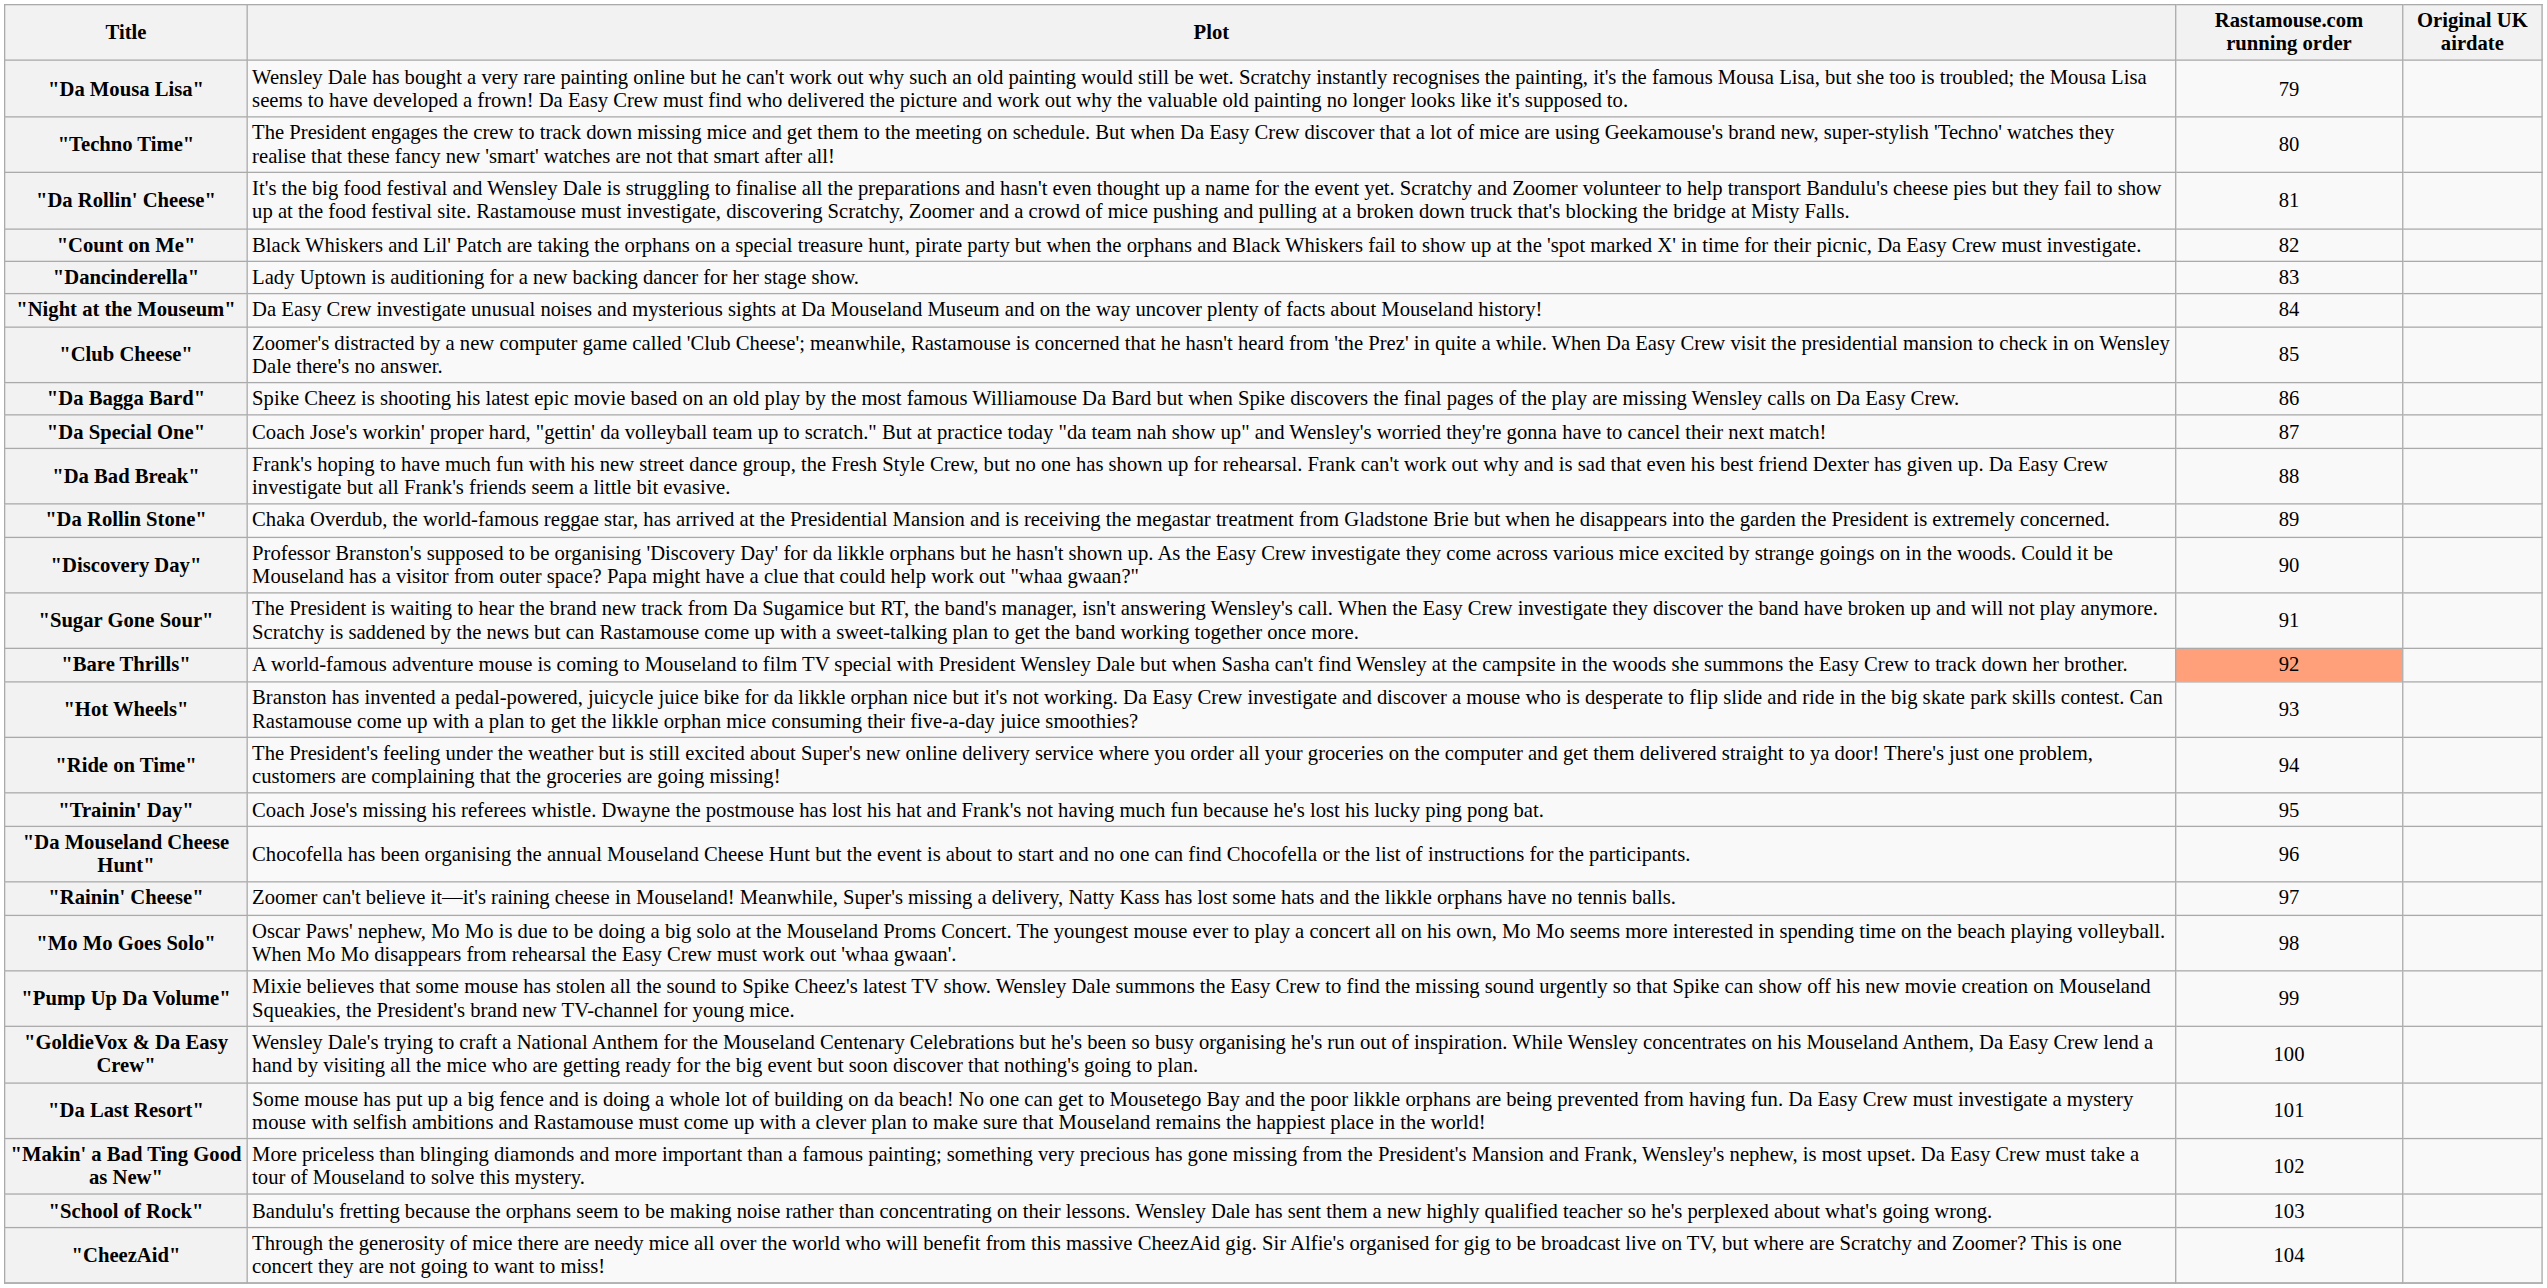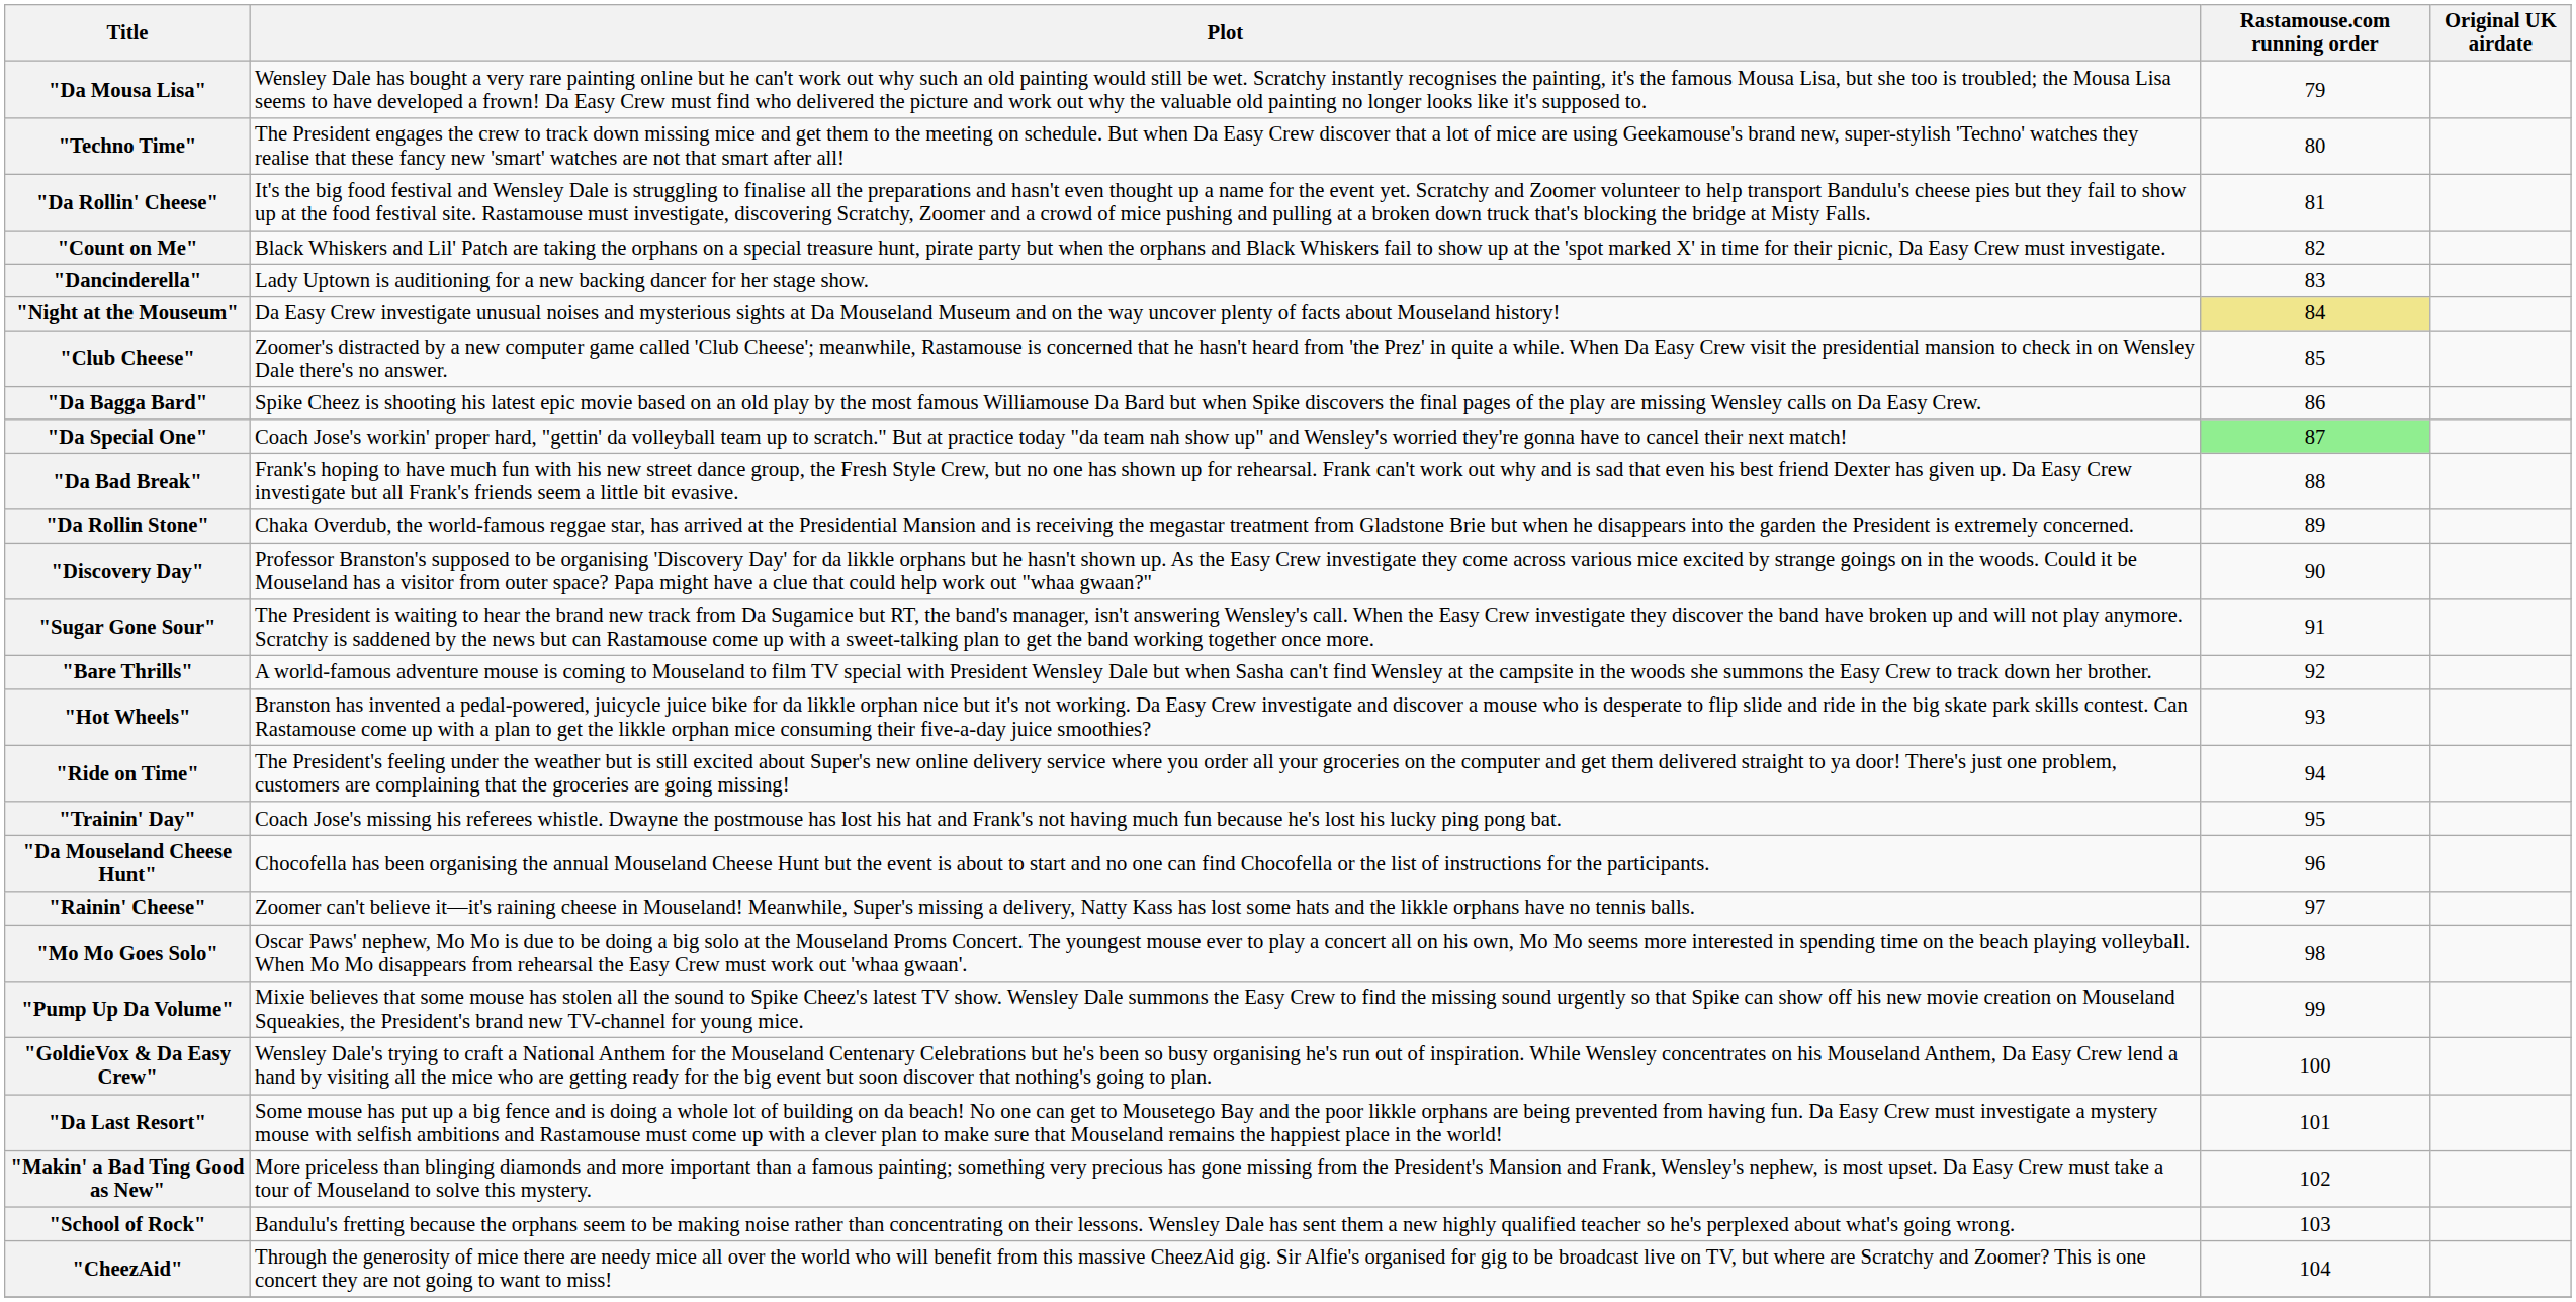 <table class="wikitable sortable">
 <tr>
 <th>Title</th>
 <th>Plot</th>
 <th>Rastamouse.com running order</th>
 <th>Original UK airdate</th>
 </tr>
 <tr>
 <th align="center">"Da Mousa Lisa"</th>
 <td>Wensley Dale has bought a very rare painting online but he can't work out why such an old painting would still be wet. Scratchy instantly recognises the painting, it's the famous Mousa Lisa, but she too is troubled; the Mousa Lisa seems to have developed a frown! Da Easy Crew must find who delivered the picture and work out why the valuable old painting no longer looks like it's supposed to.</td>
 <td align=center>79</td>
 <td></td>
 </tr>
 <tr>
 <th align="center">"Techno Time"</th>
 <td>The President engages the crew to track down missing mice and get them to the meeting on schedule. But when Da Easy Crew discover that a lot of mice are using Geekamouse's brand new, super-stylish 'Techno' watches they realise that these fancy new 'smart' watches are not that smart after all!</td>
 <td align=center>80</td>
 <td></td>
 </tr>
 <tr>
 <th align="center">"Da Rollin' Cheese"</th>
 <td>It's the big food festival and Wensley Dale is struggling to finalise all the preparations and hasn't even thought up a name for the event yet. Scratchy and Zoomer volunteer to help transport Bandulu's cheese pies but they fail to show up at the food festival site. Rastamouse must investigate, discovering Scratchy, Zoomer and a crowd of mice pushing and pulling at a broken down truck that's blocking the bridge at Misty Falls.</td>
 <td align=center>81</td>
 <td></td>
 </tr>
 <tr>
 <th align="center">"Count on Me"</th>
 <td>Black Whiskers and Lil' Patch are taking the orphans on a special treasure hunt, pirate party but when the orphans and Black Whiskers fail to show up at the 'spot marked X' in time for their picnic, Da Easy Crew must investigate.</td>
 <td align=center>82</td>
 <td></td>
 </tr>
 <tr>
 <th align="center">"Dancinderella"</th>
 <td>Lady Uptown is auditioning for a new backing dancer for her stage show.</td>
 <td align=center>83</td>
 <td></td>
 </tr>
 <tr>
 <th align="center">"Night at the Mouseum"</th>
 <td>Da Easy Crew investigate unusual noises and mysterious sights at Da Mouseland Museum and on the way uncover plenty of facts about Mouseland history!</td>
-<td align=center>84</td>
+<td align=center style="background: khaki;">84</td>
 <td></td>
 </tr>
 <tr>
 <th align="center">"Club Cheese"</th>
 <td>Zoomer's distracted by a new computer game called 'Club Cheese'; meanwhile, Rastamouse is concerned that he hasn't heard from 'the Prez' in quite a while. When Da Easy Crew visit the presidential mansion to check in on Wensley Dale there's no answer.</td>
 <td align=center>85</td>
 <td></td>
 </tr>
 <tr>
 <th align="center">"Da Bagga Bard"</th>
 <td>Spike Cheez is shooting his latest epic movie based on an old play by the most famous Williamouse Da Bard but when Spike discovers the final pages of the play are missing Wensley calls on Da Easy Crew.</td>
 <td align=center>86</td>
 <td></td>
 </tr>
 <tr>
 <th align="center">"Da Special One"</th>
 <td>Coach Jose's workin' proper hard, "gettin' da volleyball team up to scratch." But at practice today "da team nah show up" and Wensley's worried they're gonna have to cancel their next match!</td>
-<td align=center>87</td>
+<td align=center style="background: lightgreen;">87</td>
 <td></td>
 </tr>
 <tr>
 <th align="center">"Da Bad Break"</th>
 <td>Frank's hoping to have much fun with his new street dance group, the Fresh Style Crew, but no one has shown up for rehearsal. Frank can't work out why and is sad that even his best friend Dexter has given up. Da Easy Crew investigate but all Frank's friends seem a little bit evasive.</td>
 <td align=center>88</td>
 <td></td>
 </tr>
 <tr>
 <th align="center">"Da Rollin Stone"</th>
 <td>Chaka Overdub, the world-famous reggae star, has arrived at the Presidential Mansion and is receiving the megastar treatment from Gladstone Brie but when he disappears into the garden the President is extremely concerned.</td>
 <td align=center>89</td>
 <td></td>
 </tr>
 <tr>
 <th align="center">"Discovery Day"</th>
 <td>Professor Branston's supposed to be organising 'Discovery Day' for da likkle orphans but he hasn't shown up. As the Easy Crew investigate they come across various mice excited by strange goings on in the woods. Could it be Mouseland has a visitor from outer space? Papa might have a clue that could help work out "whaa gwaan?"</td>
 <td align=center>90</td>
 <td></td>
 </tr>
 <tr>
 <th align="center">"Sugar Gone Sour"</th>
 <td>The President is waiting to hear the brand new track from Da Sugamice but RT, the band's manager, isn't answering Wensley's call. When the Easy Crew investigate they discover the band have broken up and will not play anymore. Scratchy is saddened by the news but can Rastamouse come up with a sweet-talking plan to get the band working together once more.</td>
 <td align=center>91</td>
 <td></td>
 </tr>
 <tr>
 <th align="center">"Bare Thrills"</th>
 <td>A world-famous adventure mouse is coming to Mouseland to film TV special with President Wensley Dale but when Sasha can't find Wensley at the campsite in the woods she summons the Easy Crew to track down her brother.</td>
-<td align=center style="background: lightsalmon;">92</td>
+<td align=center>92</td>
 <td></td>
 </tr>
 <tr>
 <th align="center">"Hot Wheels"</th>
 <td>Branston has invented a pedal-powered, juicycle juice bike for da likkle orphan nice but it's not working. Da Easy Crew investigate and discover a mouse who is desperate to flip slide and ride in the big skate park skills contest. Can Rastamouse come up with a plan to get the likkle orphan mice consuming their five-a-day juice smoothies?</td>
 <td align=center>93</td>
 <td></td>
 </tr>
 <tr>
 <th align="center">"Ride on Time"</th>
 <td>The President's feeling under the weather but is still excited about Super's new online delivery service where you order all your groceries on the computer and get them delivered straight to ya door! There's just one problem, customers are complaining that the groceries are going missing!</td>
 <td align=center>94</td>
 <td></td>
 </tr>
 <tr>
 <th align="center">"Trainin' Day"</th>
 <td>Coach Jose's missing his referees whistle. Dwayne the postmouse has lost his hat and Frank's not having much fun because he's lost his lucky ping pong bat.</td>
 <td align=center>95</td>
 <td></td>
 </tr>
 <tr>
 <th align="center">"Da Mouseland Cheese Hunt"</th>
 <td>Chocofella has been organising the annual Mouseland Cheese Hunt but the event is about to start and no one can find Chocofella or the list of instructions for the participants.</td>
 <td align=center>96</td>
 <td></td>
 </tr>
 <tr>
 <th align="center">"Rainin' Cheese"</th>
 <td>Zoomer can't believe it—it's raining cheese in Mouseland! Meanwhile, Super's missing a delivery, Natty Kass has lost some hats and the likkle orphans have no tennis balls.</td>
 <td align=center>97</td>
 <td></td>
 </tr>
 <tr>
 <th align="center">"Mo Mo Goes Solo"</th>
 <td>Oscar Paws' nephew, Mo Mo is due to be doing a big solo at the Mouseland Proms Concert. The youngest mouse ever to play a concert all on his own, Mo Mo seems more interested in spending time on the beach playing volleyball. When Mo Mo disappears from rehearsal the Easy Crew must work out 'whaa gwaan'.</td>
 <td align=center>98</td>
 <td></td>
 </tr>
 <tr>
 <th align="center">"Pump Up Da Volume"</th>
 <td>Mixie believes that some mouse has stolen all the sound to Spike Cheez's latest TV show. Wensley Dale summons the Easy Crew to find the missing sound urgently so that Spike can show off his new movie creation on Mouseland Squeakies, the President's brand new TV-channel for young mice.</td>
 <td align=center>99</td>
 <td></td>
 </tr>
 <tr>
 <th align="center">"GoldieVox & Da Easy Crew"</th>
 <td>Wensley Dale's trying to craft a National Anthem for the Mouseland Centenary Celebrations but he's been so busy organising he's run out of inspiration. While Wensley concentrates on his Mouseland Anthem, Da Easy Crew lend a hand by visiting all the mice who are getting ready for the big event but soon discover that nothing's going to plan.</td>
 <td align=center>100</td>
 <td></td>
 </tr>
 <tr>
 <th align="center">"Da Last Resort"</th>
 <td>Some mouse has put up a big fence and is doing a whole lot of building on da beach! No one can get to Mousetego Bay and the poor likkle orphans are being prevented from having fun. Da Easy Crew must investigate a mystery mouse with selfish ambitions and Rastamouse must come up with a clever plan to make sure that Mouseland remains the happiest place in the world!</td>
 <td align=center>101</td>
 <td></td>
 </tr>
 <tr>
 <th align="center">"Makin' a Bad Ting Good as New"</th>
 <td>More priceless than blinging diamonds and more important than a famous painting; something very precious has gone missing from the President's Mansion and Frank, Wensley's nephew, is most upset. Da Easy Crew must take a tour of Mouseland to solve this mystery.</td>
 <td align=center>102</td>
 <td></td>
 </tr>
 <tr>
 <th align="center">"School of Rock"</th>
 <td>Bandulu's fretting because the orphans seem to be making noise rather than concentrating on their lessons. Wensley Dale has sent them a new highly qualified teacher so he's perplexed about what's going wrong.</td>
 <td align=center>103</td>
 <td></td>
 </tr>
 <tr>
 <th align="center">"CheezAid"</th>
 <td>Through the generosity of mice there are needy mice all over the world who will benefit from this massive CheezAid gig. Sir Alfie's organised for gig to be broadcast live on TV, but where are Scratchy and Zoomer? This is one concert they are not going to want to miss!</td>
 <td align=center>104</td>
 <td></td>
 </tr>
 <tr>
 </tr>
 </table>
